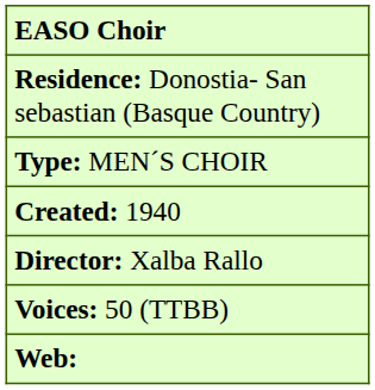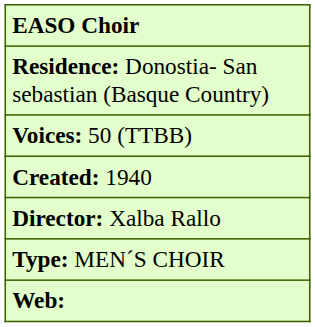 <table border=1 align="right" cellpadding=4 cellspacing=0 width=200 style="margin: 0 0 1em 1em; background: #e2ffcc; border: 1px #3f6000 solid; border-collapse: collapse; font-size: 95%;">
 <tr>
 <td><strong>EASO Choir</strong></td>
 </tr>
 <tr>
 <td><strong>Residence:</strong>       Donostia- San sebastian (Basque Country)</td>
 </tr>
 <tr>
-<td><strong>Type:</strong>       MEN´S CHOIR</td>
+<td><strong>Voices:</strong>     50 (TTBB)</td>
 </tr>
 <tr>
 <td><strong>Created:</strong> 1940</td>
 </tr>
 <tr>
 <td><strong>Director:</strong> Xalba Rallo</td>
 </tr>
 <tr>
-<td><strong>Voices:</strong>     50 (TTBB)</td>
+<td><strong>Type:</strong>       MEN´S CHOIR</td>
 </tr>
 <tr>
 <td><strong>Web:</strong>       </td>
 </tr>
 </table>
